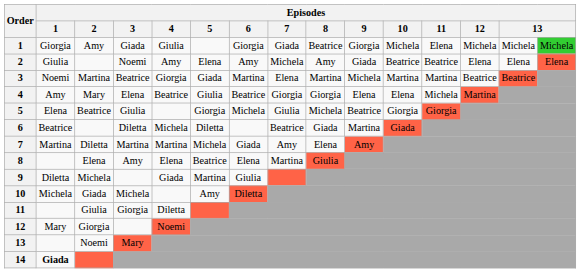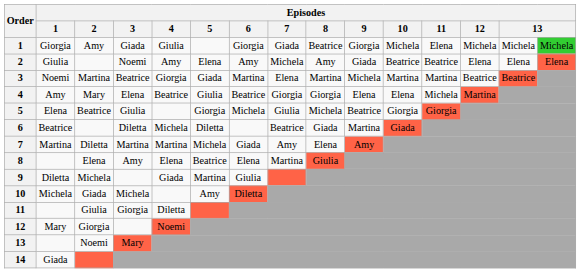 <table class="wikitable" style="text-align:center; font-size:92%">
 <tr>
 <th rowspan=2>Order</th>
 <th colspan=14>Episodes</th>
 </tr>
 <tr>
 <th>1</th>
 <th>2</th>
 <th>3</th>
 <th>4</th>
 <th>5</th>
 <th>6</th>
 <th>7</th>
 <th>8</th>
 <th>9</th>
 <th>10</th>
 <th>11</th>
 <th>12</th>
 <th colspan=2>13</th>
 </tr>
 <tr>
 <th>1</th>
 <td>Giorgia</td>
 <td>Amy</td>
 <td>Giada</td>
 <td>Giulia</td>
 <td></td>
 <td>Giorgia</td>
 <td>Giada</td>
 <td>Beatrice</td>
 <td>Giorgia</td>
 <td>Michela</td>
 <td>Elena</td>
 <td>Michela</td>
 <td>Michela</td>
 <td bgcolor="limegreen">Michela</td>
 </tr>
 <tr>
 <th>2</th>
 <td>Giulia</td>
 <td></td>
 <td>Noemi</td>
 <td>Amy</td>
 <td>Elena</td>
 <td>Amy</td>
 <td>Michela</td>
 <td>Amy</td>
 <td>Giada</td>
 <td>Beatrice</td>
 <td>Beatrice</td>
 <td>Elena</td>
 <td>Elena</td>
 <td bgcolor="tomato">Elena</td>
 </tr>
 <tr>
 <th>3</th>
 <td>Noemi</td>
 <td>Martina</td>
 <td>Beatrice</td>
 <td>Giorgia</td>
 <td>Giada</td>
 <td>Martina</td>
 <td>Elena</td>
 <td>Martina</td>
 <td>Michela</td>
 <td>Martina</td>
 <td>Martina</td>
 <td>Beatrice</td>
 <td bgcolor="tomato">Beatrice</td>
 <td bgcolor="#A9A9A9"></td>
 </tr>
 <tr>
 <th>4</th>
 <td>Amy</td>
 <td>Mary</td>
 <td>Elena</td>
 <td>Beatrice</td>
 <td>Giulia</td>
 <td>Beatrice</td>
 <td>Giorgia</td>
 <td>Giorgia</td>
 <td>Elena</td>
 <td>Elena</td>
 <td>Michela</td>
 <td bgcolor="tomato">Martina</td>
 <td bgcolor="#A9A9A9" colspan=2></td>
 </tr>
 <tr>
 <th>5</th>
 <td>Elena</td>
 <td>Beatrice</td>
 <td>Giulia</td>
 <td></td>
 <td>Giorgia</td>
 <td>Michela</td>
 <td>Giulia</td>
 <td>Michela</td>
 <td>Beatrice</td>
 <td>Giorgia</td>
 <td bgcolor="tomato">Giorgia</td>
 <td bgcolor="#A9A9A9" colspan=3></td>
 </tr>
 <tr>
 <th>6</th>
 <td>Beatrice</td>
 <td></td>
 <td>Diletta</td>
 <td>Michela</td>
 <td>Diletta</td>
 <td></td>
 <td>Beatrice</td>
 <td>Giada</td>
 <td>Martina</td>
 <td bgcolor="tomato">Giada</td>
 <td bgcolor="#A9A9A9" colspan=4></td>
 </tr>
 <tr>
 <th>7</th>
 <td>Martina</td>
 <td>Diletta</td>
 <td>Martina</td>
 <td>Martina</td>
 <td>Michela</td>
 <td>Giada</td>
 <td>Amy</td>
 <td>Elena</td>
 <td bgcolor="tomato">Amy</td>
 <td bgcolor="#A9A9A9" colspan=5></td>
 </tr>
 <tr>
 <th>8</th>
 <td></td>
 <td>Elena</td>
 <td>Amy</td>
 <td>Elena</td>
 <td>Beatrice</td>
 <td>Elena</td>
 <td>Martina</td>
 <td bgcolor="tomato">Giulia</td>
 <td bgcolor="#A9A9A9" colspan=6></td>
 </tr>
 <tr>
 <th>9</th>
 <td>Diletta</td>
 <td>Michela</td>
 <td></td>
 <td>Giada</td>
 <td>Martina</td>
 <td>Giulia</td>
 <td bgcolor="tomato"></td>
 <td bgcolor="#A9A9A9" colspan=7></td>
 </tr>
 <tr>
 <th>10</th>
 <td>Michela</td>
 <td>Giada</td>
 <td>Michela</td>
 <td></td>
 <td>Amy</td>
 <td bgcolor="tomato">Diletta</td>
 <td bgcolor="#A9A9A9" colspan=8></td>
 </tr>
 <tr>
 <th>11</th>
 <td></td>
 <td>Giulia</td>
 <td>Giorgia</td>
 <td>Diletta</td>
 <td bgcolor="tomato"></td>
 <td bgcolor="#A9A9A9" colspan=9></td>
 </tr>
 <tr>
 <th>12</th>
 <td>Mary</td>
 <td>Giorgia</td>
 <td></td>
 <td bgcolor="tomato">Noemi</td>
 <td bgcolor="#A9A9A9" colspan=10></td>
 </tr>
 <tr>
 <th>13</th>
 <td></td>
 <td>Noemi</td>
 <td bgcolor="tomato">Mary</td>
 <td bgcolor="#A9A9A9" colspan=11></td>
 </tr>
 <tr>
 <th>14</th>
-<td><strong>Giada</strong></td>
+<td>Giada</td>
 <td bgcolor="tomato"></td>
 <td bgcolor="#A9A9A9" colspan=12></td>
 </tr>
 </table>
